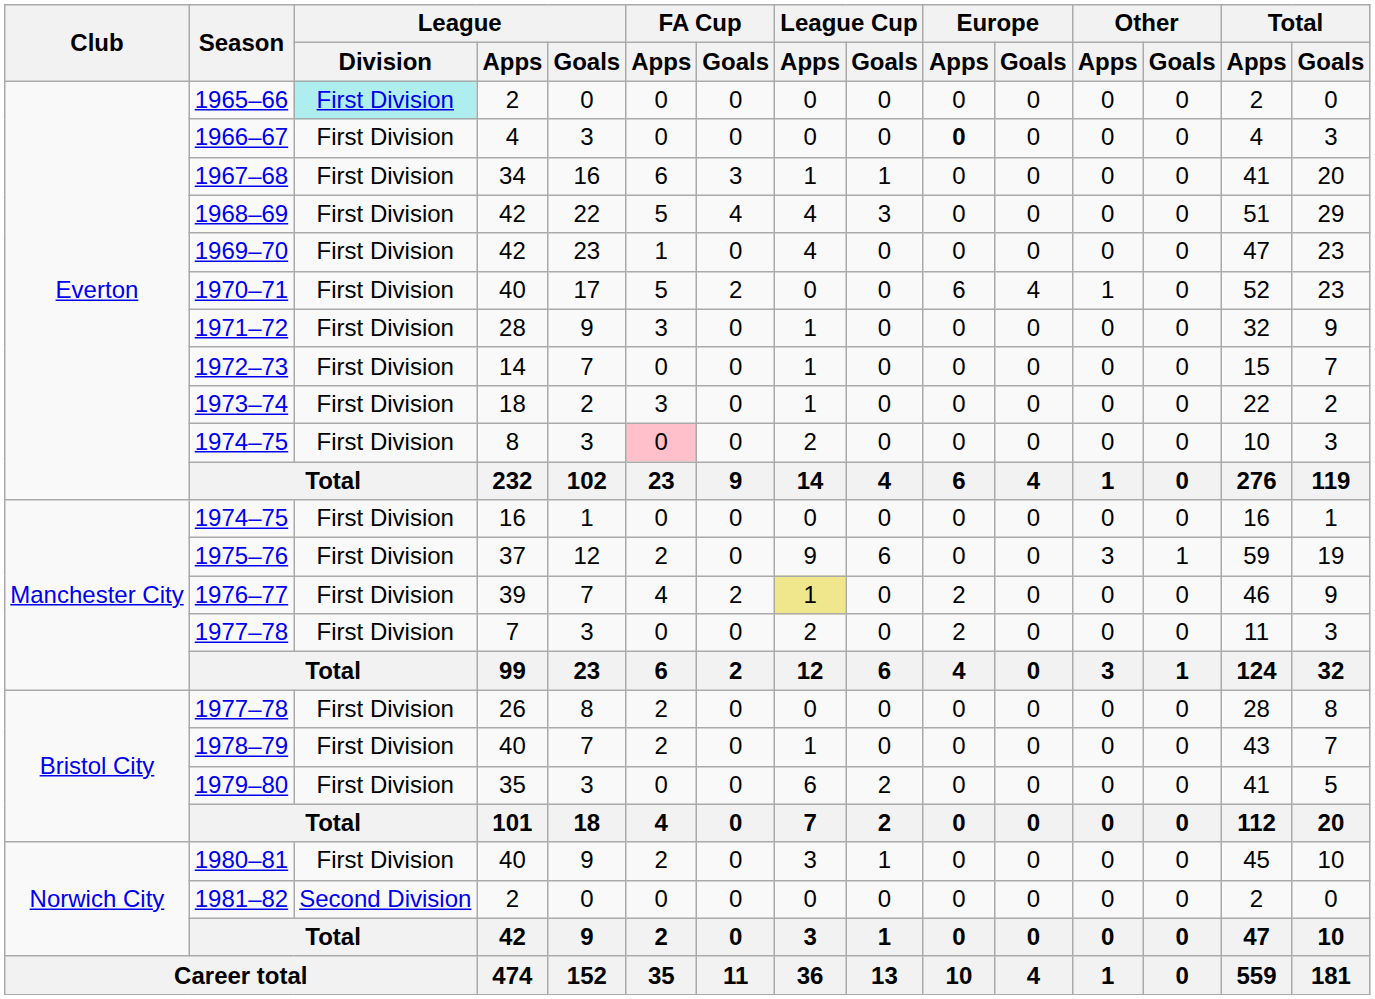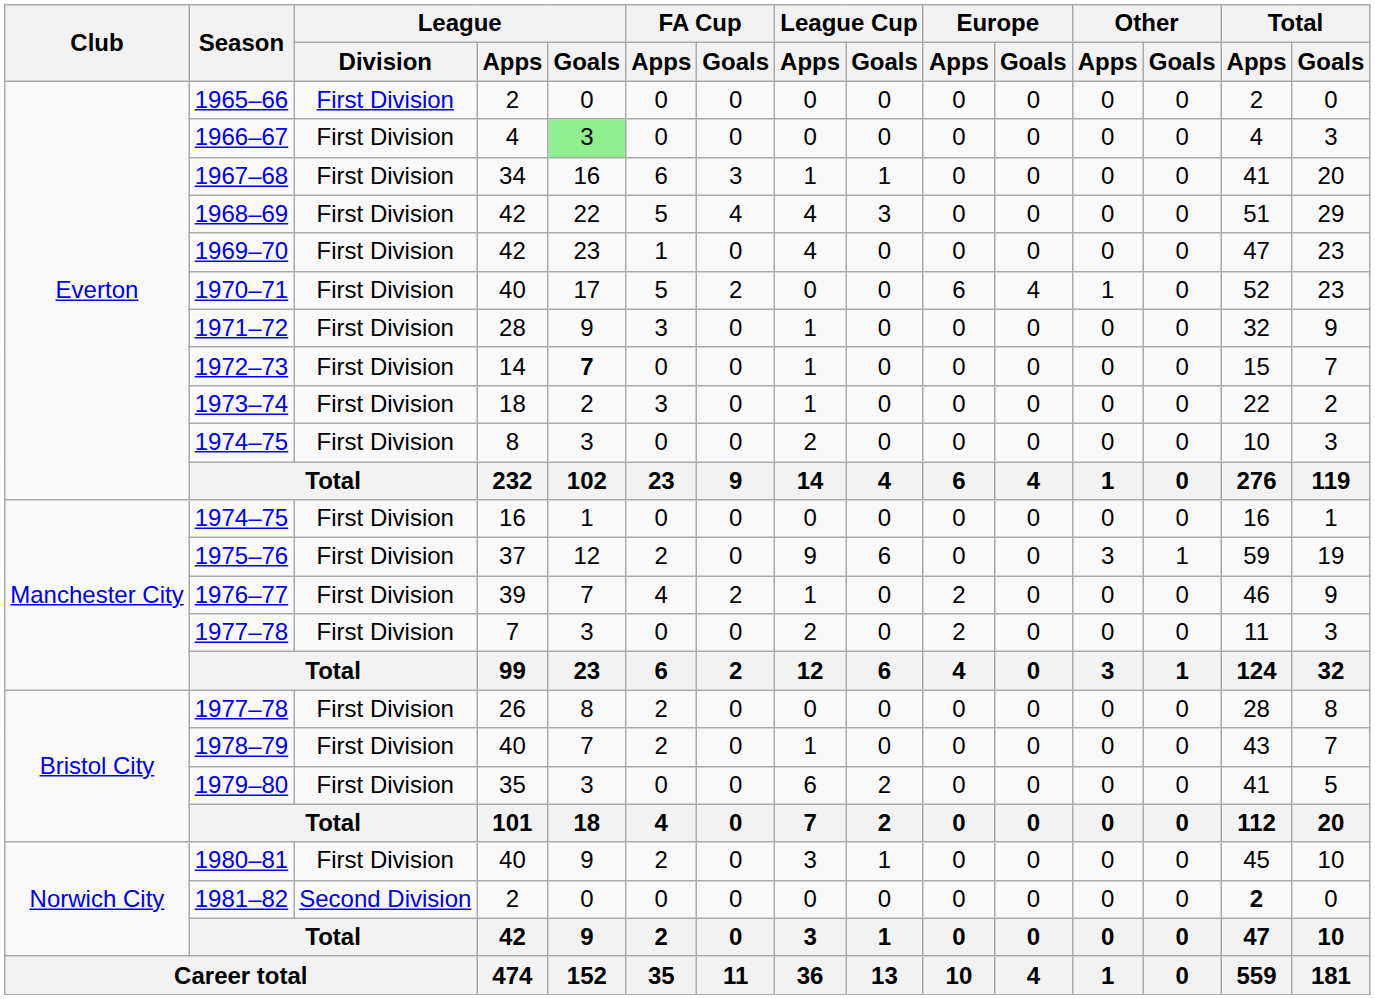 <table class="wikitable" style="text-align:center">
 <tr>
 <th rowspan="2">Club</th>
 <th rowspan="2">Season</th>
 <th colspan="3">League</th>
 <th colspan="2">FA Cup</th>
 <th colspan="2">League Cup</th>
 <th colspan="2">Europe</th>
 <th colspan="2">Other</th>
 <th colspan="2">Total</th>
 </tr>
 <tr>
 <th>Division</th>
 <th>Apps</th>
 <th>Goals</th>
 <th>Apps</th>
 <th>Goals</th>
 <th>Apps</th>
 <th>Goals</th>
 <th>Apps</th>
 <th>Goals</th>
 <th>Apps</th>
 <th>Goals</th>
 <th>Apps</th>
 <th>Goals</th>
 </tr>
 <tr>
 <td rowspan="11"><a href='#'>Everton</a></td>
 <td><a href='#'>1965–66</a></td>
-<td style="background: paleturquoise;"><a href='#'>First Division</a></td>
+<td><a href='#'>First Division</a></td>
 <td>2</td>
 <td>0</td>
 <td>0</td>
 <td>0</td>
 <td>0</td>
 <td>0</td>
 <td>0</td>
 <td>0</td>
 <td>0</td>
 <td>0</td>
 <td>2</td>
 <td>0</td>
 </tr>
 <tr>
 <td><a href='#'>1966–67</a></td>
 <td>First Division</td>
 <td>4</td>
-<td>3</td>
+<td style="background: lightgreen;">3</td>
 <td>0</td>
 <td>0</td>
 <td>0</td>
 <td>0</td>
-<td><strong>0</strong></td>
+<td>0</td>
 <td>0</td>
 <td>0</td>
 <td>0</td>
 <td>4</td>
 <td>3</td>
 </tr>
 <tr>
 <td><a href='#'>1967–68</a></td>
 <td>First Division</td>
 <td>34</td>
 <td>16</td>
 <td>6</td>
 <td>3</td>
 <td>1</td>
 <td>1</td>
 <td>0</td>
 <td>0</td>
 <td>0</td>
 <td>0</td>
 <td>41</td>
 <td>20</td>
 </tr>
 <tr>
 <td><a href='#'>1968–69</a></td>
 <td>First Division</td>
 <td>42</td>
 <td>22</td>
 <td>5</td>
 <td>4</td>
 <td>4</td>
 <td>3</td>
 <td>0</td>
 <td>0</td>
 <td>0</td>
 <td>0</td>
 <td>51</td>
 <td>29</td>
 </tr>
 <tr>
 <td><a href='#'>1969–70</a></td>
 <td>First Division</td>
 <td>42</td>
 <td>23</td>
 <td>1</td>
 <td>0</td>
 <td>4</td>
 <td>0</td>
 <td>0</td>
 <td>0</td>
 <td>0</td>
 <td>0</td>
 <td>47</td>
 <td>23</td>
 </tr>
 <tr>
 <td><a href='#'>1970–71</a></td>
 <td>First Division</td>
 <td>40</td>
 <td>17</td>
 <td>5</td>
 <td>2</td>
 <td>0</td>
 <td>0</td>
 <td>6</td>
 <td>4</td>
 <td>1</td>
 <td>0</td>
 <td>52</td>
 <td>23</td>
 </tr>
 <tr>
 <td><a href='#'>1971–72</a></td>
 <td>First Division</td>
 <td>28</td>
 <td>9</td>
 <td>3</td>
 <td>0</td>
 <td>1</td>
 <td>0</td>
 <td>0</td>
 <td>0</td>
 <td>0</td>
 <td>0</td>
 <td>32</td>
 <td>9</td>
 </tr>
 <tr>
 <td><a href='#'>1972–73</a></td>
 <td>First Division</td>
 <td>14</td>
-<td>7</td>
+<td><strong>7</strong></td>
 <td>0</td>
 <td>0</td>
 <td>1</td>
 <td>0</td>
 <td>0</td>
 <td>0</td>
 <td>0</td>
 <td>0</td>
 <td>15</td>
 <td>7</td>
 </tr>
 <tr>
 <td><a href='#'>1973–74</a></td>
 <td>First Division</td>
 <td>18</td>
 <td>2</td>
 <td>3</td>
 <td>0</td>
 <td>1</td>
 <td>0</td>
 <td>0</td>
 <td>0</td>
 <td>0</td>
 <td>0</td>
 <td>22</td>
 <td>2</td>
 </tr>
 <tr>
 <td><a href='#'>1974–75</a></td>
 <td>First Division</td>
 <td>8</td>
 <td>3</td>
-<td style="background: pink;">0</td>
+<td>0</td>
 <td>0</td>
 <td>2</td>
 <td>0</td>
 <td>0</td>
 <td>0</td>
 <td>0</td>
 <td>0</td>
 <td>10</td>
 <td>3</td>
 </tr>
 <tr>
 <th colspan="2">Total</th>
 <th>232</th>
 <th>102</th>
 <th>23</th>
 <th>9</th>
 <th>14</th>
 <th>4</th>
 <th>6</th>
 <th>4</th>
 <th>1</th>
 <th>0</th>
 <th>276</th>
 <th>119</th>
 </tr>
 <tr>
 <td rowspan="5"><a href='#'>Manchester City</a></td>
 <td><a href='#'>1974–75</a></td>
 <td>First Division</td>
 <td>16</td>
 <td>1</td>
 <td>0</td>
 <td>0</td>
 <td>0</td>
 <td>0</td>
 <td>0</td>
 <td>0</td>
 <td>0</td>
 <td>0</td>
 <td>16</td>
 <td>1</td>
 </tr>
 <tr>
 <td><a href='#'>1975–76</a></td>
 <td>First Division</td>
 <td>37</td>
 <td>12</td>
 <td>2</td>
 <td>0</td>
 <td>9</td>
 <td>6</td>
 <td>0</td>
 <td>0</td>
 <td>3</td>
 <td>1</td>
 <td>59</td>
 <td>19</td>
 </tr>
 <tr>
 <td><a href='#'>1976–77</a></td>
 <td>First Division</td>
 <td>39</td>
 <td>7</td>
 <td>4</td>
 <td>2</td>
-<td style="background: khaki;">1</td>
+<td>1</td>
 <td>0</td>
 <td>2</td>
 <td>0</td>
 <td>0</td>
 <td>0</td>
 <td>46</td>
 <td>9</td>
 </tr>
 <tr>
 <td><a href='#'>1977–78</a></td>
 <td>First Division</td>
 <td>7</td>
 <td>3</td>
 <td>0</td>
 <td>0</td>
 <td>2</td>
 <td>0</td>
 <td>2</td>
 <td>0</td>
 <td>0</td>
 <td>0</td>
 <td>11</td>
 <td>3</td>
 </tr>
 <tr>
 <th colspan="2">Total</th>
 <th>99</th>
 <th>23</th>
 <th>6</th>
 <th>2</th>
 <th>12</th>
 <th>6</th>
 <th>4</th>
 <th>0</th>
 <th>3</th>
 <th>1</th>
 <th>124</th>
 <th>32</th>
 </tr>
 <tr>
 <td rowspan="4"><a href='#'>Bristol City</a></td>
 <td><a href='#'>1977–78</a></td>
 <td>First Division</td>
 <td>26</td>
 <td>8</td>
 <td>2</td>
 <td>0</td>
 <td>0</td>
 <td>0</td>
 <td>0</td>
 <td>0</td>
 <td>0</td>
 <td>0</td>
 <td>28</td>
 <td>8</td>
 </tr>
 <tr>
 <td><a href='#'>1978–79</a></td>
 <td>First Division</td>
 <td>40</td>
 <td>7</td>
 <td>2</td>
 <td>0</td>
 <td>1</td>
 <td>0</td>
 <td>0</td>
 <td>0</td>
 <td>0</td>
 <td>0</td>
 <td>43</td>
 <td>7</td>
 </tr>
 <tr>
 <td><a href='#'>1979–80</a></td>
 <td>First Division</td>
 <td>35</td>
 <td>3</td>
 <td>0</td>
 <td>0</td>
 <td>6</td>
 <td>2</td>
 <td>0</td>
 <td>0</td>
 <td>0</td>
 <td>0</td>
 <td>41</td>
 <td>5</td>
 </tr>
 <tr>
 <th colspan="2">Total</th>
 <th>101</th>
 <th>18</th>
 <th>4</th>
 <th>0</th>
 <th>7</th>
 <th>2</th>
 <th>0</th>
 <th>0</th>
 <th>0</th>
 <th>0</th>
 <th>112</th>
 <th>20</th>
 </tr>
 <tr>
 <td rowspan="3"><a href='#'>Norwich City</a></td>
 <td><a href='#'>1980–81</a></td>
 <td>First Division</td>
 <td>40</td>
 <td>9</td>
 <td>2</td>
 <td>0</td>
 <td>3</td>
 <td>1</td>
 <td>0</td>
 <td>0</td>
 <td>0</td>
 <td>0</td>
 <td>45</td>
 <td>10</td>
 </tr>
 <tr>
 <td><a href='#'>1981–82</a></td>
 <td><a href='#'>Second Division</a></td>
 <td>2</td>
 <td>0</td>
 <td>0</td>
 <td>0</td>
 <td>0</td>
 <td>0</td>
 <td>0</td>
 <td>0</td>
 <td>0</td>
 <td>0</td>
-<td>2</td>
+<td><strong>2</strong></td>
 <td>0</td>
 </tr>
 <tr>
 <th colspan="2">Total</th>
 <th>42</th>
 <th>9</th>
 <th>2</th>
 <th>0</th>
 <th>3</th>
 <th>1</th>
 <th>0</th>
 <th>0</th>
 <th>0</th>
 <th>0</th>
 <th>47</th>
 <th>10</th>
 </tr>
 <tr>
 <th colspan="3">Career total</th>
 <th>474</th>
 <th>152</th>
 <th>35</th>
 <th>11</th>
 <th>36</th>
 <th>13</th>
 <th>10</th>
 <th>4</th>
 <th>1</th>
 <th>0</th>
 <th>559</th>
 <th>181</th>
 </tr>
 </table>
